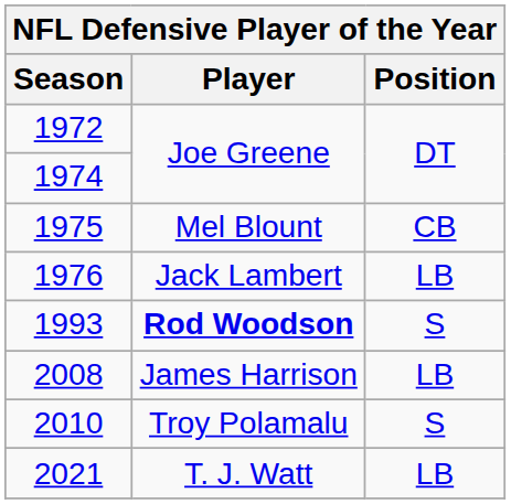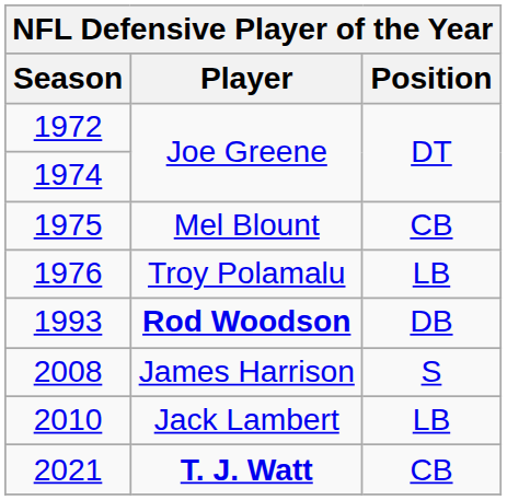 <table class="wikitable sortable" style="text-align:center">
 <tr>
 <th colspan="4">NFL Defensive Player of the Year</th>
 </tr>
 <tr>
 <th>Season</th>
 <th>Player</th>
 <th>Position</th>
 </tr>
 <tr>
 <td><a href='#'>1972</a></td>
 <td rowspan=2><a href='#'>Joe Greene</a></td>
 <td rowspan=2><a href='#'>DT</a></td>
 </tr>
 <tr>
 <td><a href='#'>1974</a></td>
 </tr>
 <tr>
 <td><a href='#'>1975</a></td>
 <td><a href='#'>Mel Blount</a></td>
 <td><a href='#'>CB</a></td>
 </tr>
 <tr>
 <td><a href='#'>1976</a></td>
-<td><a href='#'>Jack Lambert</a></td>
+<td><a href='#'>Troy Polamalu</a></td>
 <td><a href='#'>LB</a></td>
 </tr>
 <tr>
 <td><a href='#'>1993</a></td>
 <td><strong><a href='#'>Rod Woodson</a></strong></td>
-<td><a href='#'>S</a></td>
+<td><a href='#'>DB</a></td>
 </tr>
 <tr>
 <td><a href='#'>2008</a></td>
 <td><a href='#'>James Harrison</a></td>
+<td><a href='#'>S</a></td>
+</tr>
+<tr>
+<td><a href='#'>2010</a></td>
+<td><a href='#'>Jack Lambert</a></td>
 <td><a href='#'>LB</a></td>
 </tr>
 <tr>
-<td><a href='#'>2010</a></td>
-<td><a href='#'>Troy Polamalu</a></td>
-<td><a href='#'>S</a></td>
-</tr>
-<tr>
 <td><a href='#'>2021</a></td>
-<td><a href='#'>T. J. Watt</a></td>
-<td><a href='#'>LB</a></td>
+<td><strong><a href='#'>T. J. Watt</a></strong></td>
+<td><a href='#'>CB</a></td>
 </tr>
 </table>
